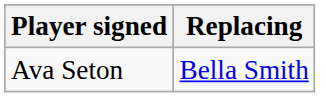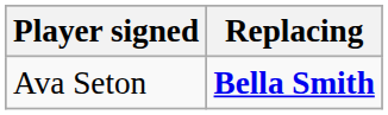 <table class="wikitable plainrowheaders">
 <tr>
 <th scope="col"><strong>Player signed</strong></th>
 <th scope="col"><strong>Replacing</strong></th>
 </tr>
 <tr>
 <td>Ava Seton</td>
-<td><a href='#'>Bella Smith</a></td>
+<td><strong><a href='#'>Bella Smith</a></strong></td>
 </tr>
 </table>
